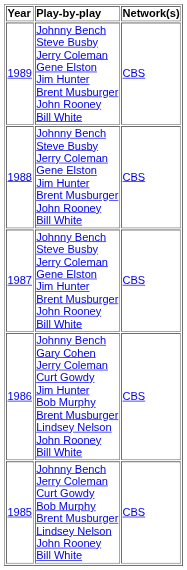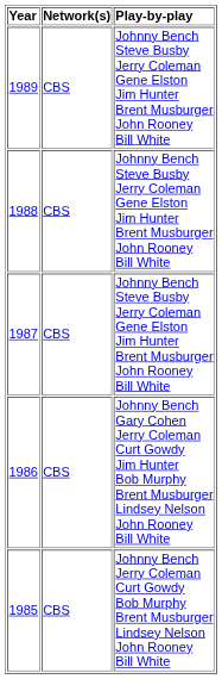 <table border="1" cellpadding="1">
 <tr>
 <td><strong>Year</strong></td>
+<td><strong>Network(s)</strong></td>
 <td><strong>Play-by-play</strong></td>
-<td><strong>Network(s)</strong></td>
 </tr>
 <tr>
 <td><a href='#'>1989</a></td>
+<td><a href='#'>CBS</a></td>
 <td><a href='#'>Johnny Bench</a><br><a href='#'>Steve Busby</a><br><a href='#'>Jerry Coleman</a><br><a href='#'>Gene Elston</a><br><a href='#'>Jim Hunter</a><br><a href='#'>Brent Musburger</a><br><a href='#'>John Rooney</a><br><a href='#'>Bill White</a></td>
-<td><a href='#'>CBS</a></td>
 </tr>
 <tr>
 <td><a href='#'>1988</a></td>
+<td><a href='#'>CBS</a></td>
 <td><a href='#'>Johnny Bench</a><br><a href='#'>Steve Busby</a><br><a href='#'>Jerry Coleman</a><br><a href='#'>Gene Elston</a><br><a href='#'>Jim Hunter</a><br><a href='#'>Brent Musburger</a><br><a href='#'>John Rooney</a><br><a href='#'>Bill White</a></td>
-<td><a href='#'>CBS</a></td>
 </tr>
 <tr>
 <td><a href='#'>1987</a></td>
+<td><a href='#'>CBS</a></td>
 <td><a href='#'>Johnny Bench</a><br><a href='#'>Steve Busby</a><br><a href='#'>Jerry Coleman</a><br><a href='#'>Gene Elston</a><br><a href='#'>Jim Hunter</a><br><a href='#'>Brent Musburger</a><br><a href='#'>John Rooney</a><br><a href='#'>Bill White</a></td>
-<td><a href='#'>CBS</a></td>
 </tr>
 <tr>
 <td><a href='#'>1986</a></td>
+<td><a href='#'>CBS</a></td>
 <td><a href='#'>Johnny Bench</a><br><a href='#'>Gary Cohen</a><br><a href='#'>Jerry Coleman</a><br><a href='#'>Curt Gowdy</a><br><a href='#'>Jim Hunter</a><br><a href='#'>Bob Murphy</a><br><a href='#'>Brent Musburger</a><br><a href='#'>Lindsey Nelson</a><br><a href='#'>John Rooney</a><br><a href='#'>Bill White</a></td>
-<td><a href='#'>CBS</a></td>
 </tr>
 <tr>
 <td><a href='#'>1985</a></td>
+<td><a href='#'>CBS</a></td>
 <td><a href='#'>Johnny Bench</a><br><a href='#'>Jerry Coleman</a><br><a href='#'>Curt Gowdy</a><br><a href='#'>Bob Murphy</a><br><a href='#'>Brent Musburger</a><br><a href='#'>Lindsey Nelson</a><br><a href='#'>John Rooney</a><br><a href='#'>Bill White</a></td>
-<td><a href='#'>CBS</a></td>
 </tr>
 </table>
